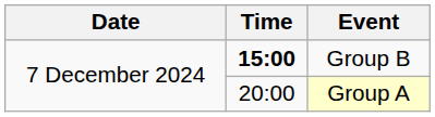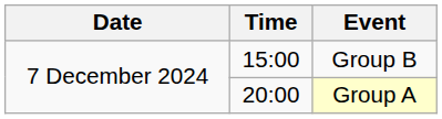 <table class = "wikitable" style="text-align:center;">
 <tr>
 <th width=150>Date</th>
 <th width=50>Time</th>
 <th width=80>Event</th>
 </tr>
 <tr>
 <td rowspan=2>7 December 2024</td>
-<td><strong>15:00</strong></td>
+<td>15:00</td>
 <td>Group B</td>
 </tr>
 <tr>
 <td>20:00</td>
 <td bgcolor=ffffcc>Group A</td>
 </tr>
 </table>
